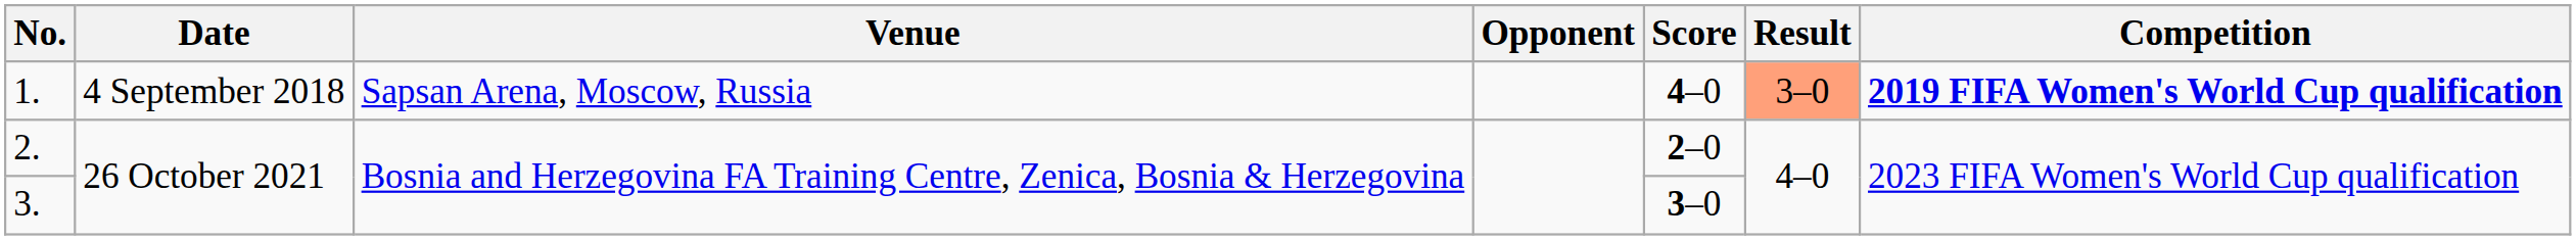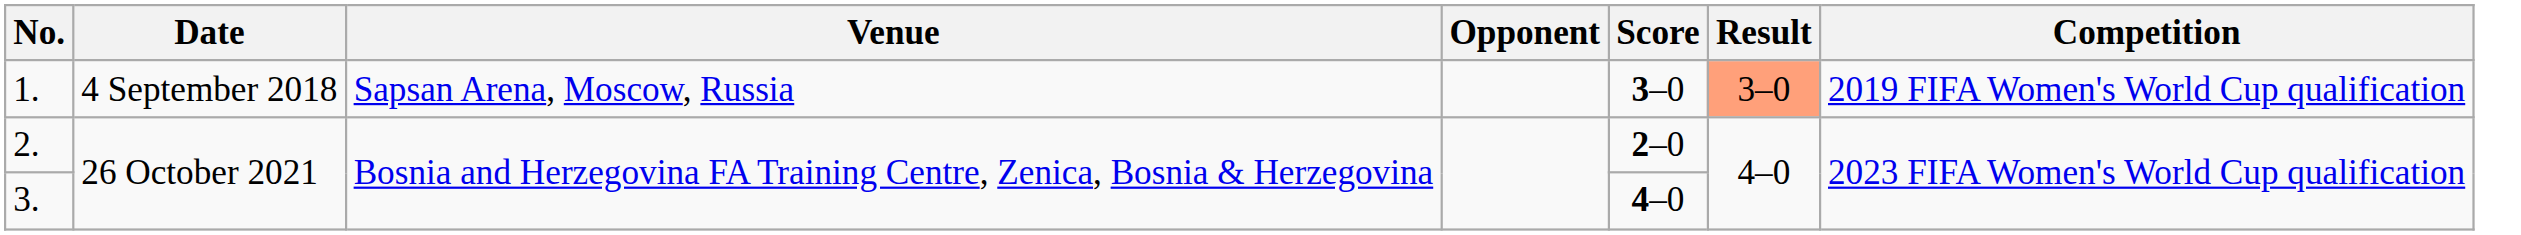 <table class="wikitable">
 <tr>
 <th>No.</th>
 <th>Date</th>
 <th>Venue</th>
 <th>Opponent</th>
 <th>Score</th>
 <th>Result</th>
 <th>Competition</th>
 </tr>
 <tr>
 <td>1.</td>
 <td>4 September 2018</td>
 <td><a href='#'>Sapsan Arena</a>, <a href='#'>Moscow</a>, <a href='#'>Russia</a></td>
 <td></td>
-<td align=center><strong>4</strong>–0</td>
+<td align=center><strong>3</strong>–0</td>
 <td align=center style="background: lightsalmon;">3–0</td>
-<td><strong><a href='#'>2019 FIFA Women's World Cup qualification</a></strong></td>
+<td><a href='#'>2019 FIFA Women's World Cup qualification</a></td>
 </tr>
 <tr>
 <td>2.</td>
 <td rowspan=2>26 October 2021</td>
 <td rowspan=2><a href='#'>Bosnia and Herzegovina FA Training Centre</a>, <a href='#'>Zenica</a>, <a href='#'>Bosnia & Herzegovina</a></td>
 <td rowspan=2></td>
 <td align=center><strong>2</strong>–0</td>
 <td rowspan=2 align=center>4–0</td>
 <td rowspan=2><a href='#'>2023 FIFA Women's World Cup qualification</a></td>
 </tr>
 <tr>
 <td>3.</td>
-<td align=center><strong>3</strong>–0</td>
+<td align=center><strong>4</strong>–0</td>
 </tr>
 </table>
